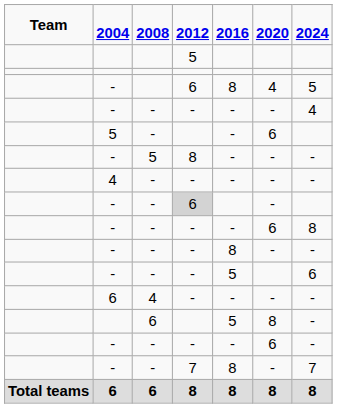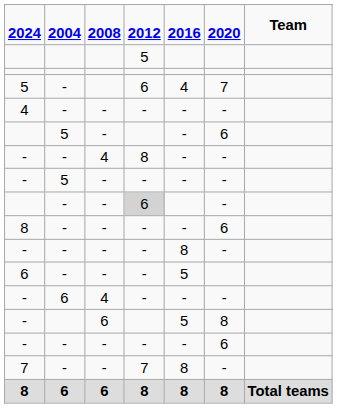 <table class="wikitable" style="text-align:center; font-size:90%">
 <tr bgcolor=>
-<td><strong>Team</strong></td>
+<td><strong><br><a href='#'>2024</a></strong></td>
 <td><strong><br><a href='#'>2004</a></strong></td>
 <td><strong><br><a href='#'>2008</a></strong></td>
 <td><strong><br><a href='#'>2012</a></strong></td>
 <td><strong><br><a href='#'>2016</a></strong></td>
 <td><strong><br><a href='#'>2020</a></strong></td>
-<td><strong><br><a href='#'>2024</a></strong></td>
+<td><strong>Team</strong></td>
 </tr>
 <tr>
-<td align=left></td>
+<td></td>
 <td></td>
 <td></td>
 <td>5</td>
 <td></td>
 <td></td>
-<td></td>
+<td align=left></td>
 </tr>
 <tr>
-<td align=left></td>
 <td></td>
 <td></td>
 <td></td>
 <td></td>
 <td></td>
 <td></td>
+<td align=left></td>
 </tr>
 <tr>
-<td align=left></td>
+<td>5</td>
 <td>-</td>
 <td></td>
 <td>6</td>
-<td>8</td>
 <td>4</td>
-<td>5</td>
+<td>7</td>
+<td align=left></td>
 </tr>
 <tr>
-<td align=left></td>
-<td>-</td>
-<td>-</td>
-<td>-</td>
-<td>-</td>
-<td>-</td>
-<td>4</td>
-</tr>
-<tr>
-<td align=left></td>
-<td>5</td>
-<td>-</td>
-<td></td>
-<td>-</td>
-<td>6</td>
-<td></td>
-</tr>
-<tr>
-<td align=left></td>
-<td>-</td>
-<td>5</td>
-<td>8</td>
-<td>-</td>
-<td>-</td>
-<td>-</td>
-</tr>
-<tr>
-<td align=left></td>
 <td>4</td>
 <td>-</td>
 <td>-</td>
 <td>-</td>
 <td>-</td>
 <td>-</td>
+<td align=left></td>
 </tr>
 <tr>
+<td></td>
+<td>5</td>
+<td>-</td>
+<td></td>
+<td>-</td>
+<td>6</td>
 <td align=left></td>
+</tr>
+<tr>
+<td>-</td>
+<td>-</td>
+<td>4</td>
+<td>8</td>
+<td>-</td>
+<td>-</td>
+<td align=left></td>
+</tr>
+<tr>
+<td>-</td>
+<td>5</td>
+<td>-</td>
+<td>-</td>
+<td>-</td>
+<td>-</td>
+<td align=left></td>
+</tr>
+<tr>
+<td></td>
 <td>-</td>
 <td>-</td>
 <td style="background: lightgrey;">6</td>
 <td></td>
 <td>-</td>
-<td></td>
+<td align=left></td>
 </tr>
 <tr>
-<td align=left></td>
+<td>8</td>
 <td>-</td>
 <td>-</td>
 <td>-</td>
 <td>-</td>
 <td>6</td>
-<td>8</td>
+<td align=left></td>
 </tr>
 <tr>
-<td align=left></td>
+<td>-</td>
 <td>-</td>
 <td>-</td>
 <td>-</td>
 <td>8</td>
 <td>-</td>
-<td>-</td>
+<td align=left></td>
 </tr>
 <tr>
-<td align=left></td>
+<td>6</td>
 <td>-</td>
 <td>-</td>
 <td>-</td>
 <td>5</td>
 <td></td>
-<td>6</td>
+<td align=left></td>
 </tr>
 <tr>
-<td align=left></td>
+<td>-</td>
 <td>6</td>
 <td>4</td>
 <td>-</td>
 <td>-</td>
 <td>-</td>
-<td>-</td>
+<td align=left></td>
 </tr>
 <tr>
-<td align=left></td>
+<td>-</td>
 <td></td>
 <td>6</td>
 <td></td>
 <td>5</td>
 <td>8</td>
-<td>-</td>
+<td align=left></td>
 </tr>
 <tr>
-<td align=left></td>
+<td>-</td>
 <td>-</td>
 <td>-</td>
 <td>-</td>
 <td>-</td>
 <td>6</td>
-<td>-</td>
+<td align=left></td>
 </tr>
 <tr>
-<td align=left></td>
+<td>7</td>
 <td>-</td>
 <td>-</td>
 <td>7</td>
 <td>8</td>
 <td>-</td>
-<td>7</td>
+<td align=left></td>
 </tr>
 <tr style="background:#ddd" class="sortbottom">
-<td align=left><strong>Total teams</strong></td>
+<td><strong>8</strong></td>
 <td><strong>6</strong></td>
 <td><strong>6</strong></td>
 <td><strong>8</strong></td>
 <td><strong>8</strong></td>
 <td><strong>8</strong></td>
-<td><strong>8</strong></td>
+<td align=left><strong>Total teams</strong></td>
 </tr>
 </table>
